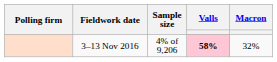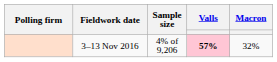 <table class="wikitable sortable" style="text-align:center;font-size:90%;line-height:14px;">
 <tr style="height:40px;">
 <th style="width:100px;" rowspan="2">Polling firm</th>
 <th style="width:110px;" rowspan="2">Fieldwork date</th>
 <th style="width:55px;" rowspan="2">Sample<br>size</th>
 <th class="unsortable" style="width:60px;"><a href='#'>Valls</a><br></th>
 <th class="unsortable" style="width:60px;"><a href='#'>Macron</a><br></th>
 </tr>
 <tr>
 <th style="background:"></th>
 <th style="background:"></th>
 </tr>
 <tr>
 <td style="background:#FFDFCC;"></td>
 <td data-sort-value="2016-11-13">3–13 Nov 2016</td>
 <td data-sort-value="368">4% of 9,206</td>
-<td style="background:#FFC6D5;"><strong>58%</strong></td>
+<td style="background:#FFC6D5;"><strong>57%</strong></td>
 <td>32%</td>
 </tr>
 </table>
